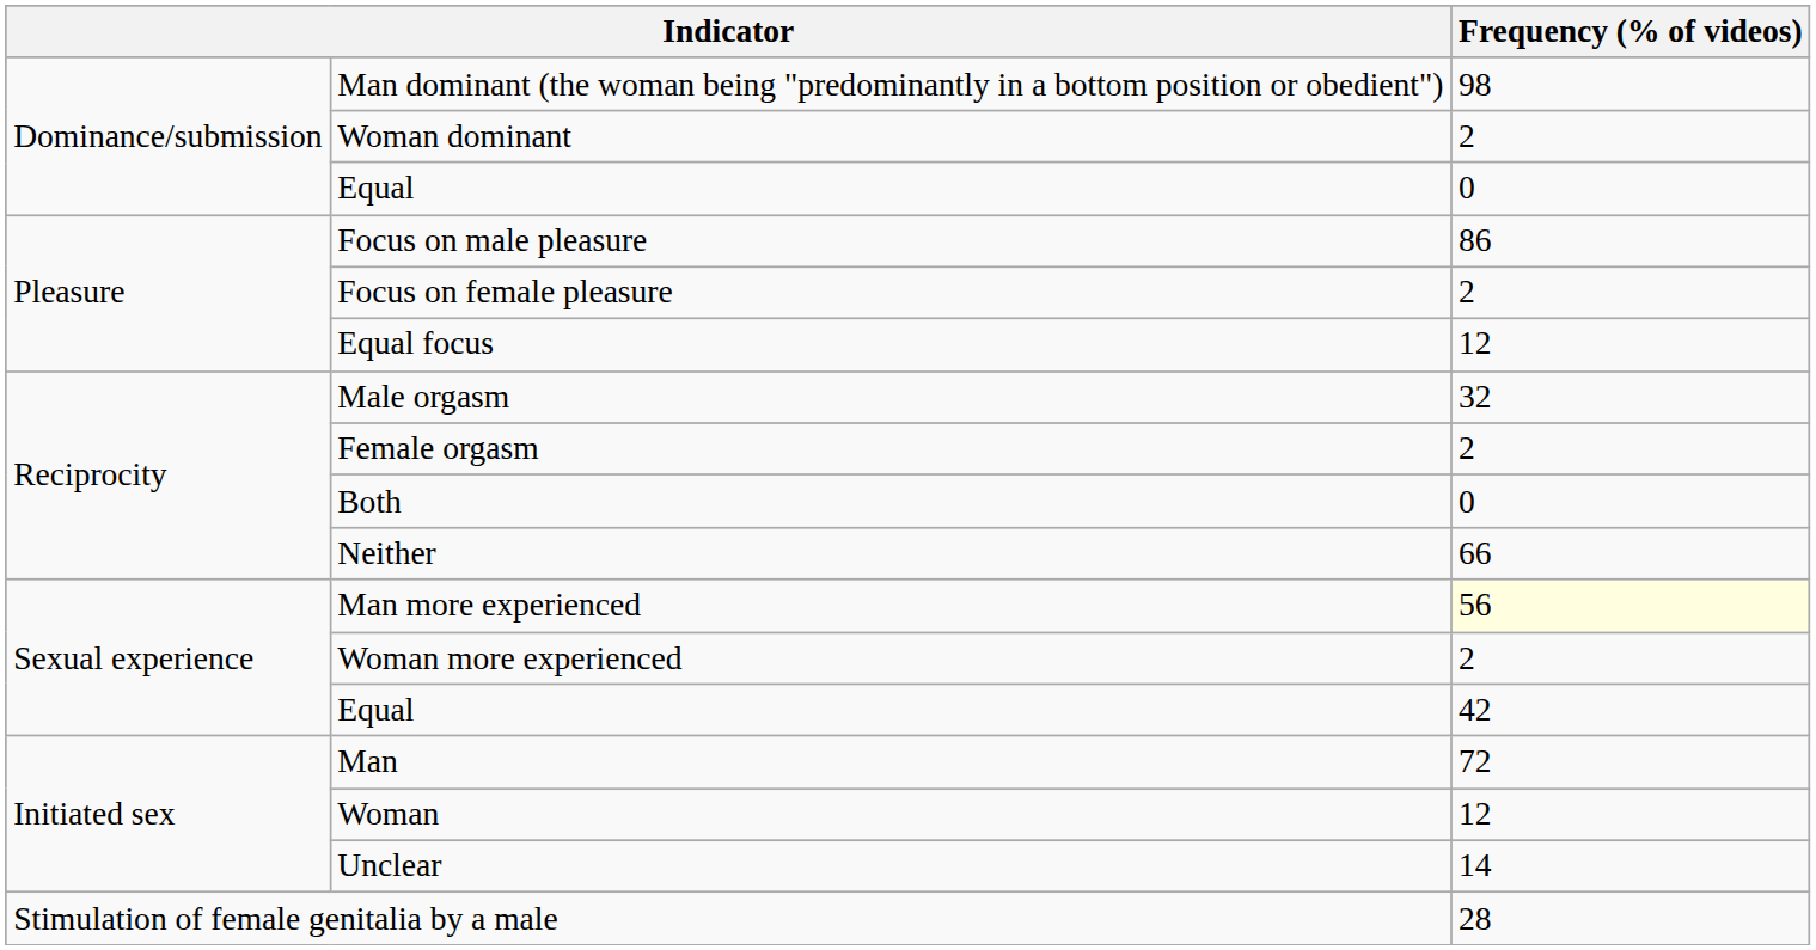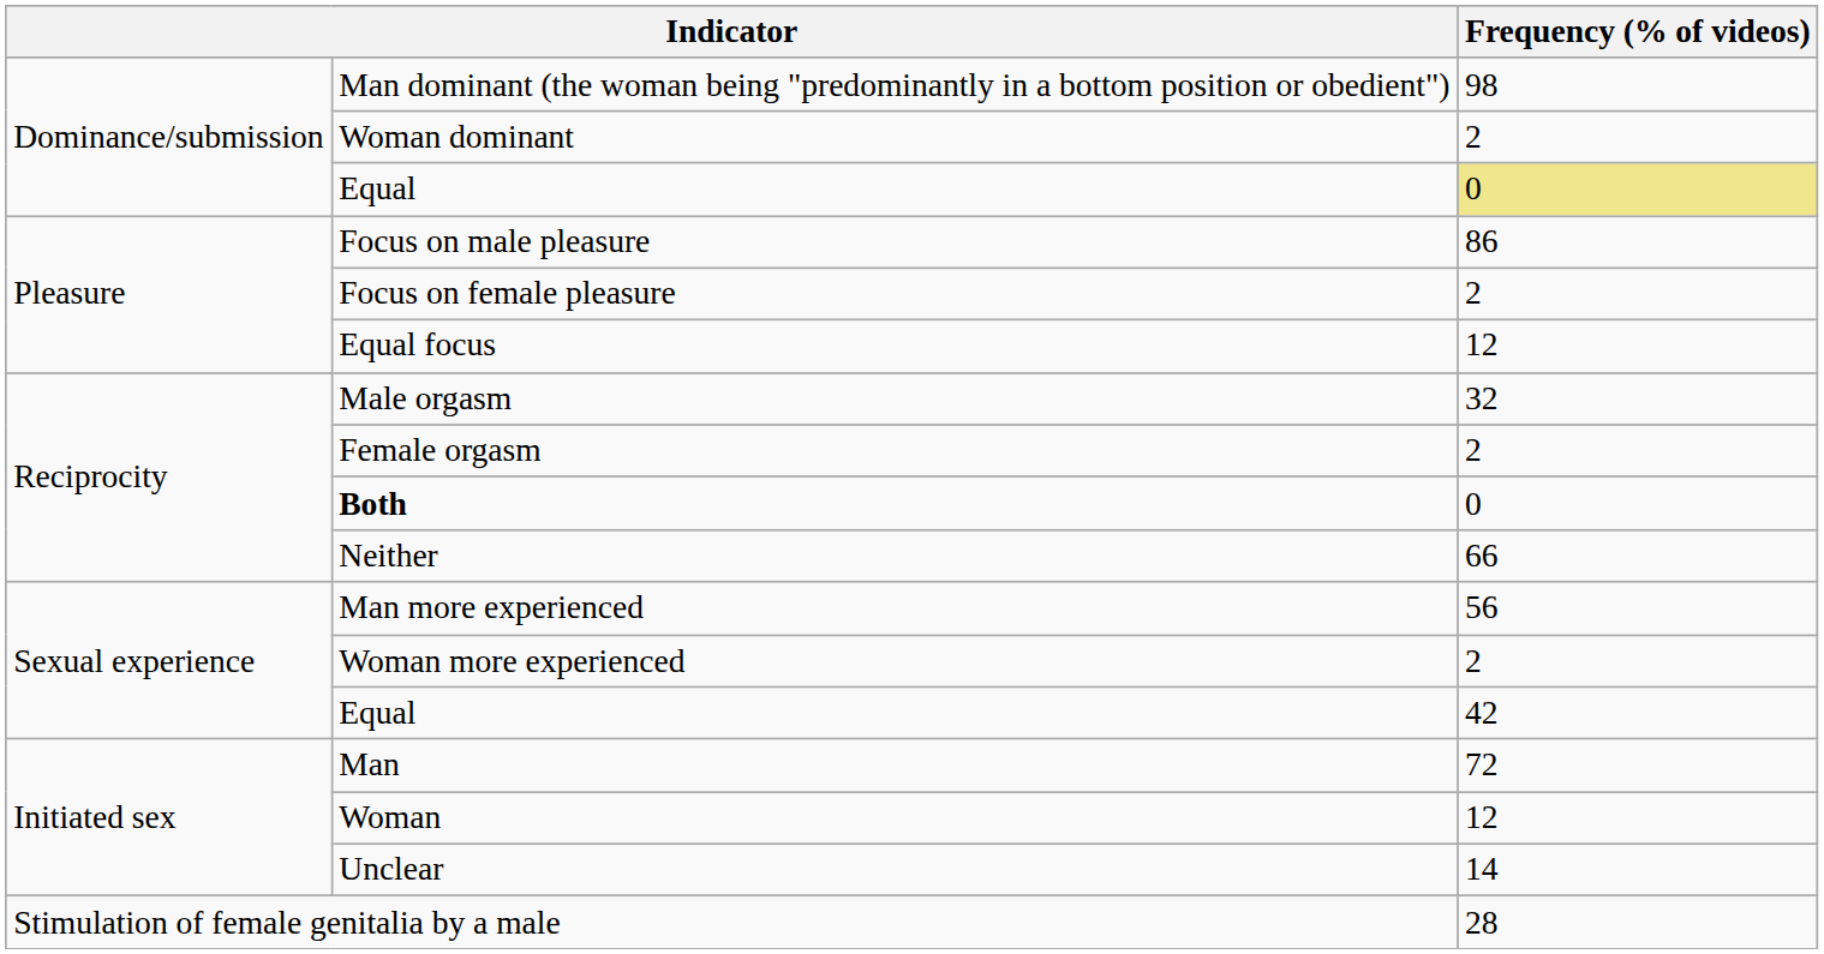 <table class="wikitable mw-collapsible mw-collapsed">
 <tr>
 <th colspan="2">Indicator</th>
 <th>Frequency (% of videos)</th>
 </tr>
 <tr>
 <td rowspan="3">Dominance/submission</td>
 <td>Man dominant (the woman being "predominantly in a bottom position or obedient")</td>
 <td>98</td>
 </tr>
 <tr>
 <td>Woman dominant</td>
 <td>2</td>
 </tr>
 <tr>
 <td>Equal</td>
-<td>0</td>
+<td style="background: khaki;">0</td>
 </tr>
 <tr>
 <td rowspan="3">Pleasure</td>
 <td>Focus on male pleasure</td>
 <td>86</td>
 </tr>
 <tr>
 <td>Focus on female pleasure</td>
 <td>2</td>
 </tr>
 <tr>
 <td>Equal focus</td>
 <td>12</td>
 </tr>
 <tr>
 <td rowspan="4">Reciprocity</td>
 <td>Male orgasm</td>
 <td>32</td>
 </tr>
 <tr>
 <td>Female orgasm</td>
 <td>2</td>
 </tr>
 <tr>
-<td>Both</td>
+<td><strong>Both</strong></td>
 <td>0</td>
 </tr>
 <tr>
 <td>Neither</td>
 <td>66</td>
 </tr>
 <tr>
 <td rowspan="3">Sexual experience</td>
 <td>Man more experienced</td>
-<td style="background: lightyellow;">56</td>
+<td>56</td>
 </tr>
 <tr>
 <td>Woman more experienced</td>
 <td>2</td>
 </tr>
 <tr>
 <td>Equal</td>
 <td>42</td>
 </tr>
 <tr>
 <td rowspan="3">Initiated sex</td>
 <td>Man</td>
 <td>72</td>
 </tr>
 <tr>
 <td>Woman</td>
 <td>12</td>
 </tr>
 <tr>
 <td>Unclear</td>
 <td>14</td>
 </tr>
 <tr>
 <td colspan="2">Stimulation of female genitalia by a male</td>
 <td>28</td>
 </tr>
 </table>
